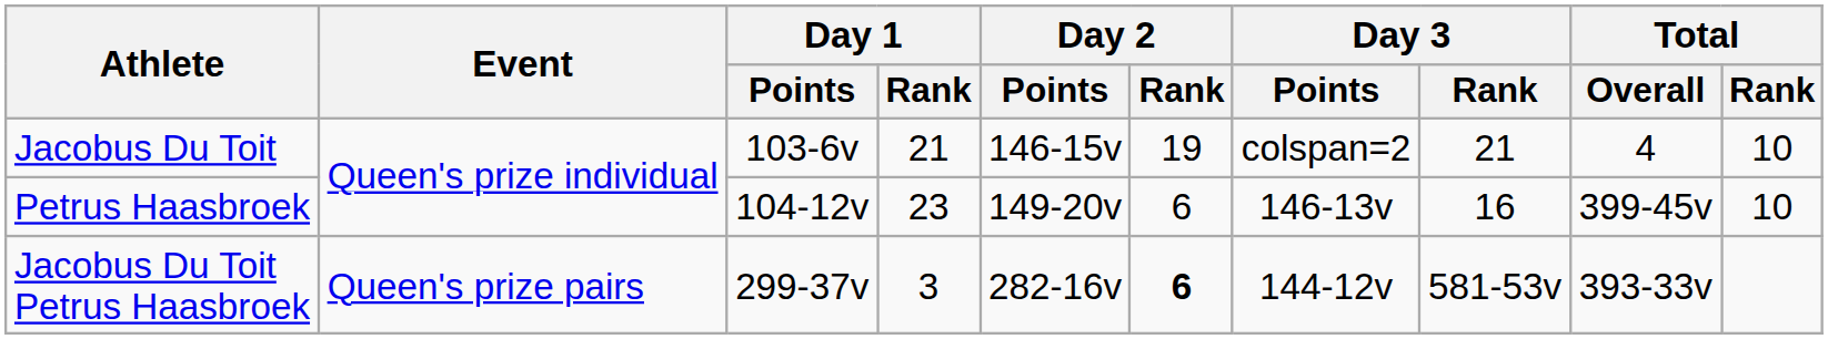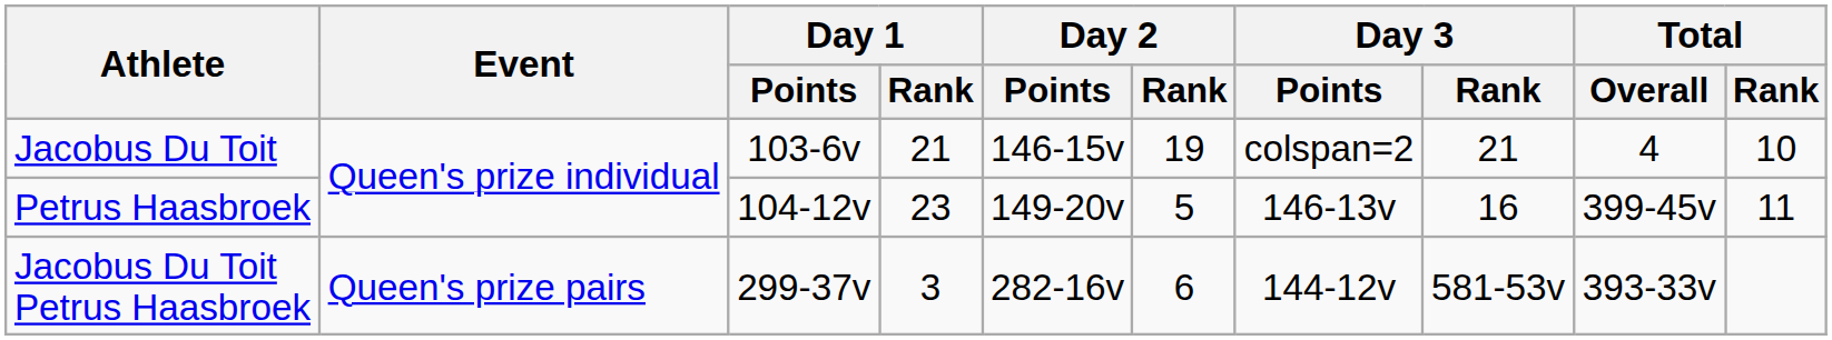 <table class="wikitable" style="font-size:90%">
 <tr>
 <th rowspan=2>Athlete</th>
 <th rowspan=2>Event</th>
 <th colspan=2>Day 1</th>
 <th colspan=2>Day 2</th>
 <th colspan=2>Day 3</th>
 <th colspan=2>Total</th>
 </tr>
 <tr style="font-size:95%">
 <th>Points</th>
 <th>Rank</th>
 <th>Points</th>
 <th>Rank</th>
 <th>Points</th>
 <th>Rank</th>
 <th>Overall</th>
 <th>Rank</th>
 </tr>
 <tr align=center>
 <td align=left><a href='#'>Jacobus Du Toit</a></td>
 <td align=left rowspan=2><a href='#'>Queen's prize individual</a></td>
 <td>103-6v</td>
 <td>21</td>
 <td>146-15v</td>
 <td>19</td>
 <td>colspan=2 </td>
 <td>21</td>
 <td>4</td>
 <td>10</td>
 </tr>
 <tr align=center>
 <td align=left><a href='#'>Petrus Haasbroek</a></td>
 <td>104-12v</td>
 <td>23</td>
 <td>149-20v</td>
-<td>6</td>
+<td>5</td>
 <td>146-13v</td>
 <td>16</td>
 <td>399-45v</td>
-<td>10</td>
+<td>11</td>
 </tr>
 <tr align=center>
 <td align=left><a href='#'>Jacobus Du Toit</a><br><a href='#'>Petrus Haasbroek</a></td>
 <td align=left><a href='#'>Queen's prize pairs</a></td>
 <td>299-37v</td>
 <td>3</td>
 <td>282-16v</td>
-<td><strong>6</strong></td>
+<td>6</td>
 <td>144-12v</td>
 <td>581-53v</td>
 <td>393-33v</td>
 </tr>
 </table>
